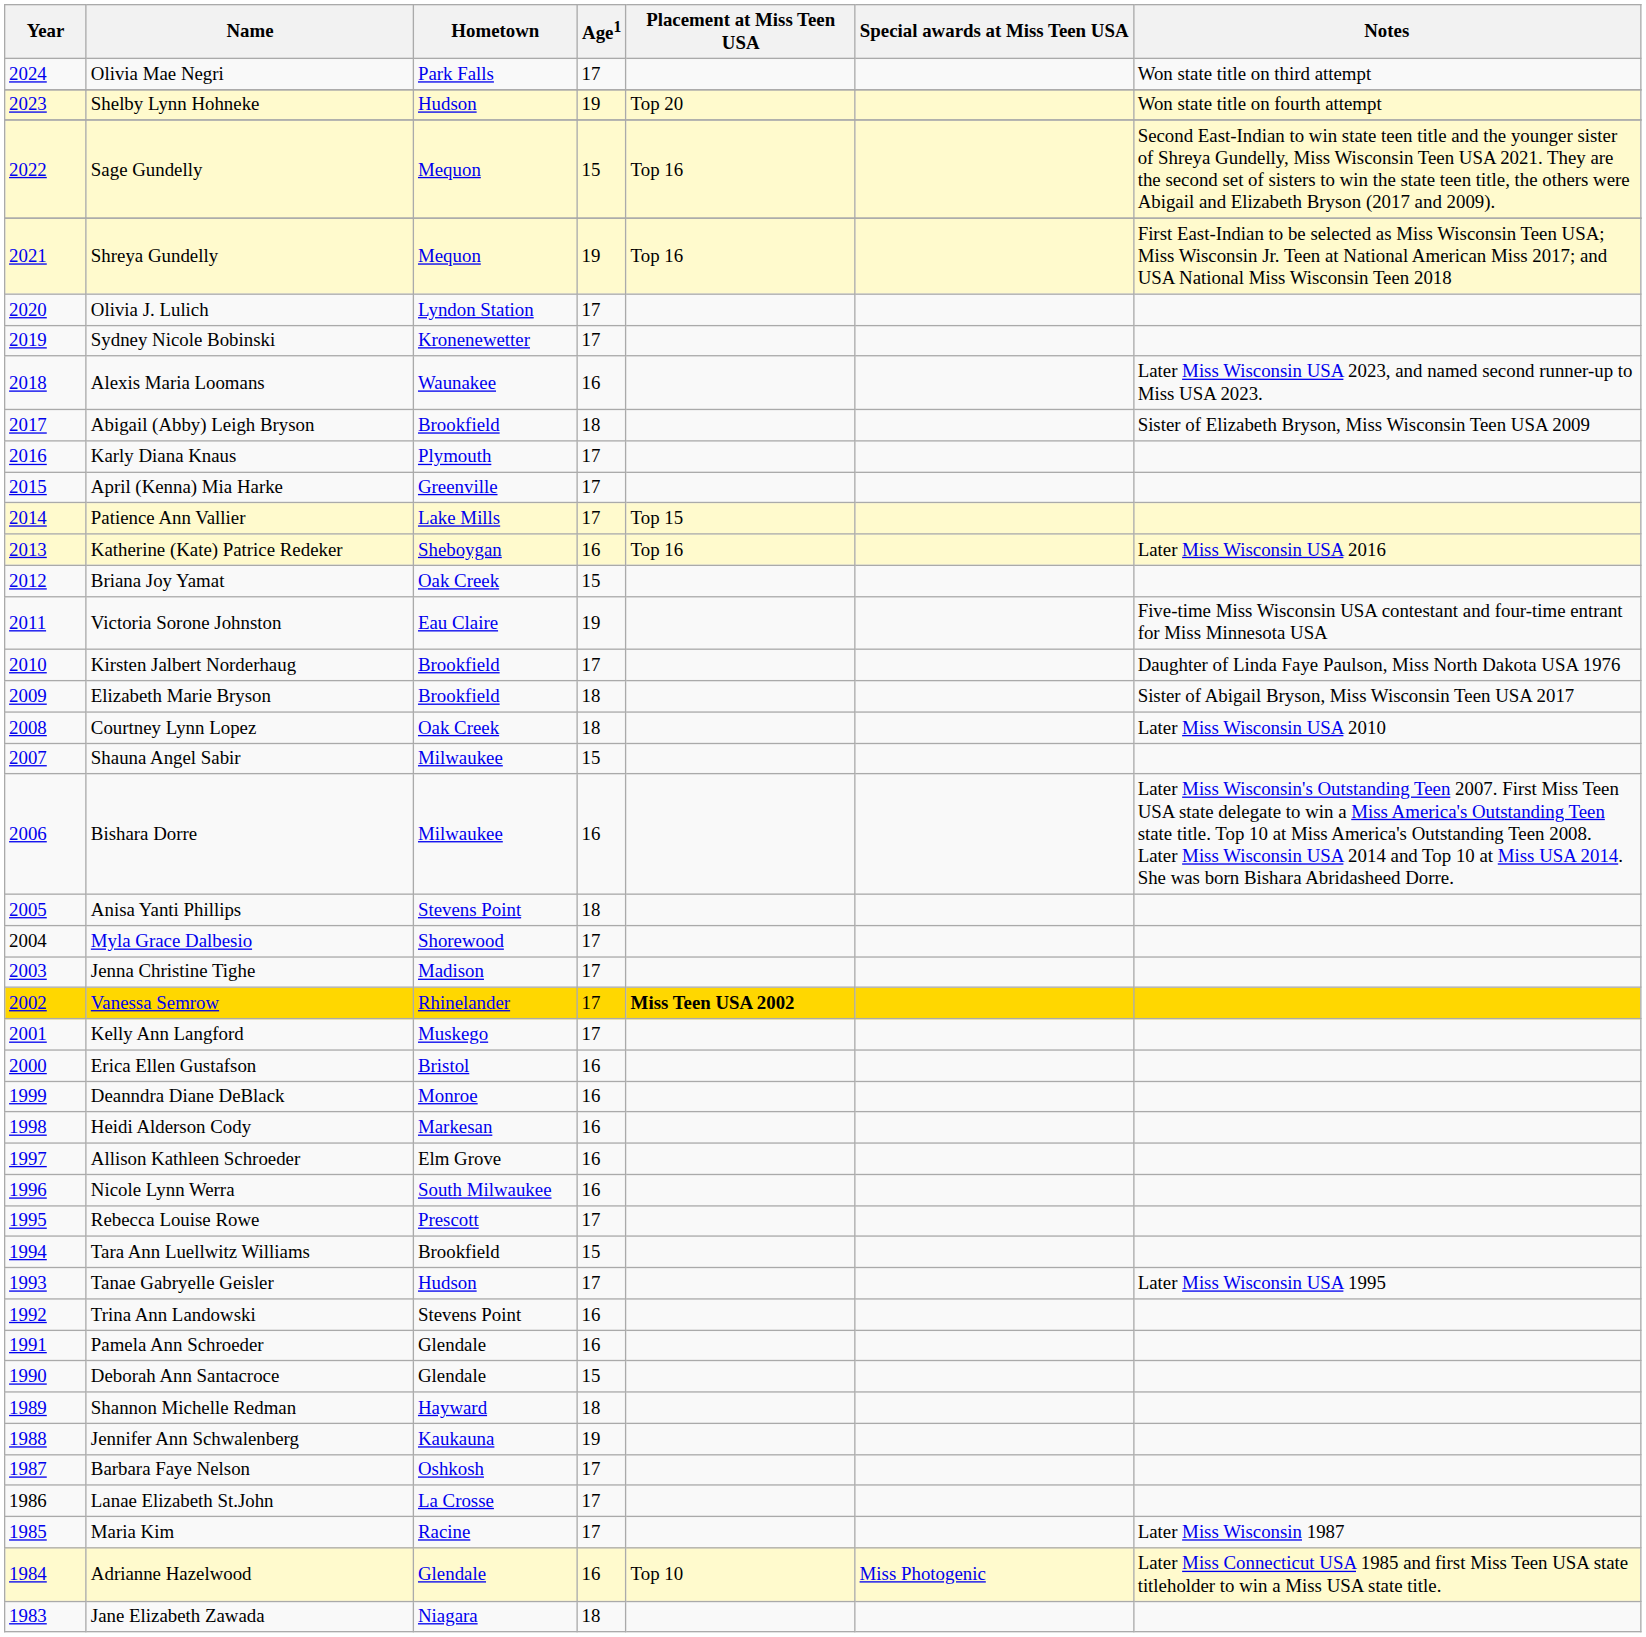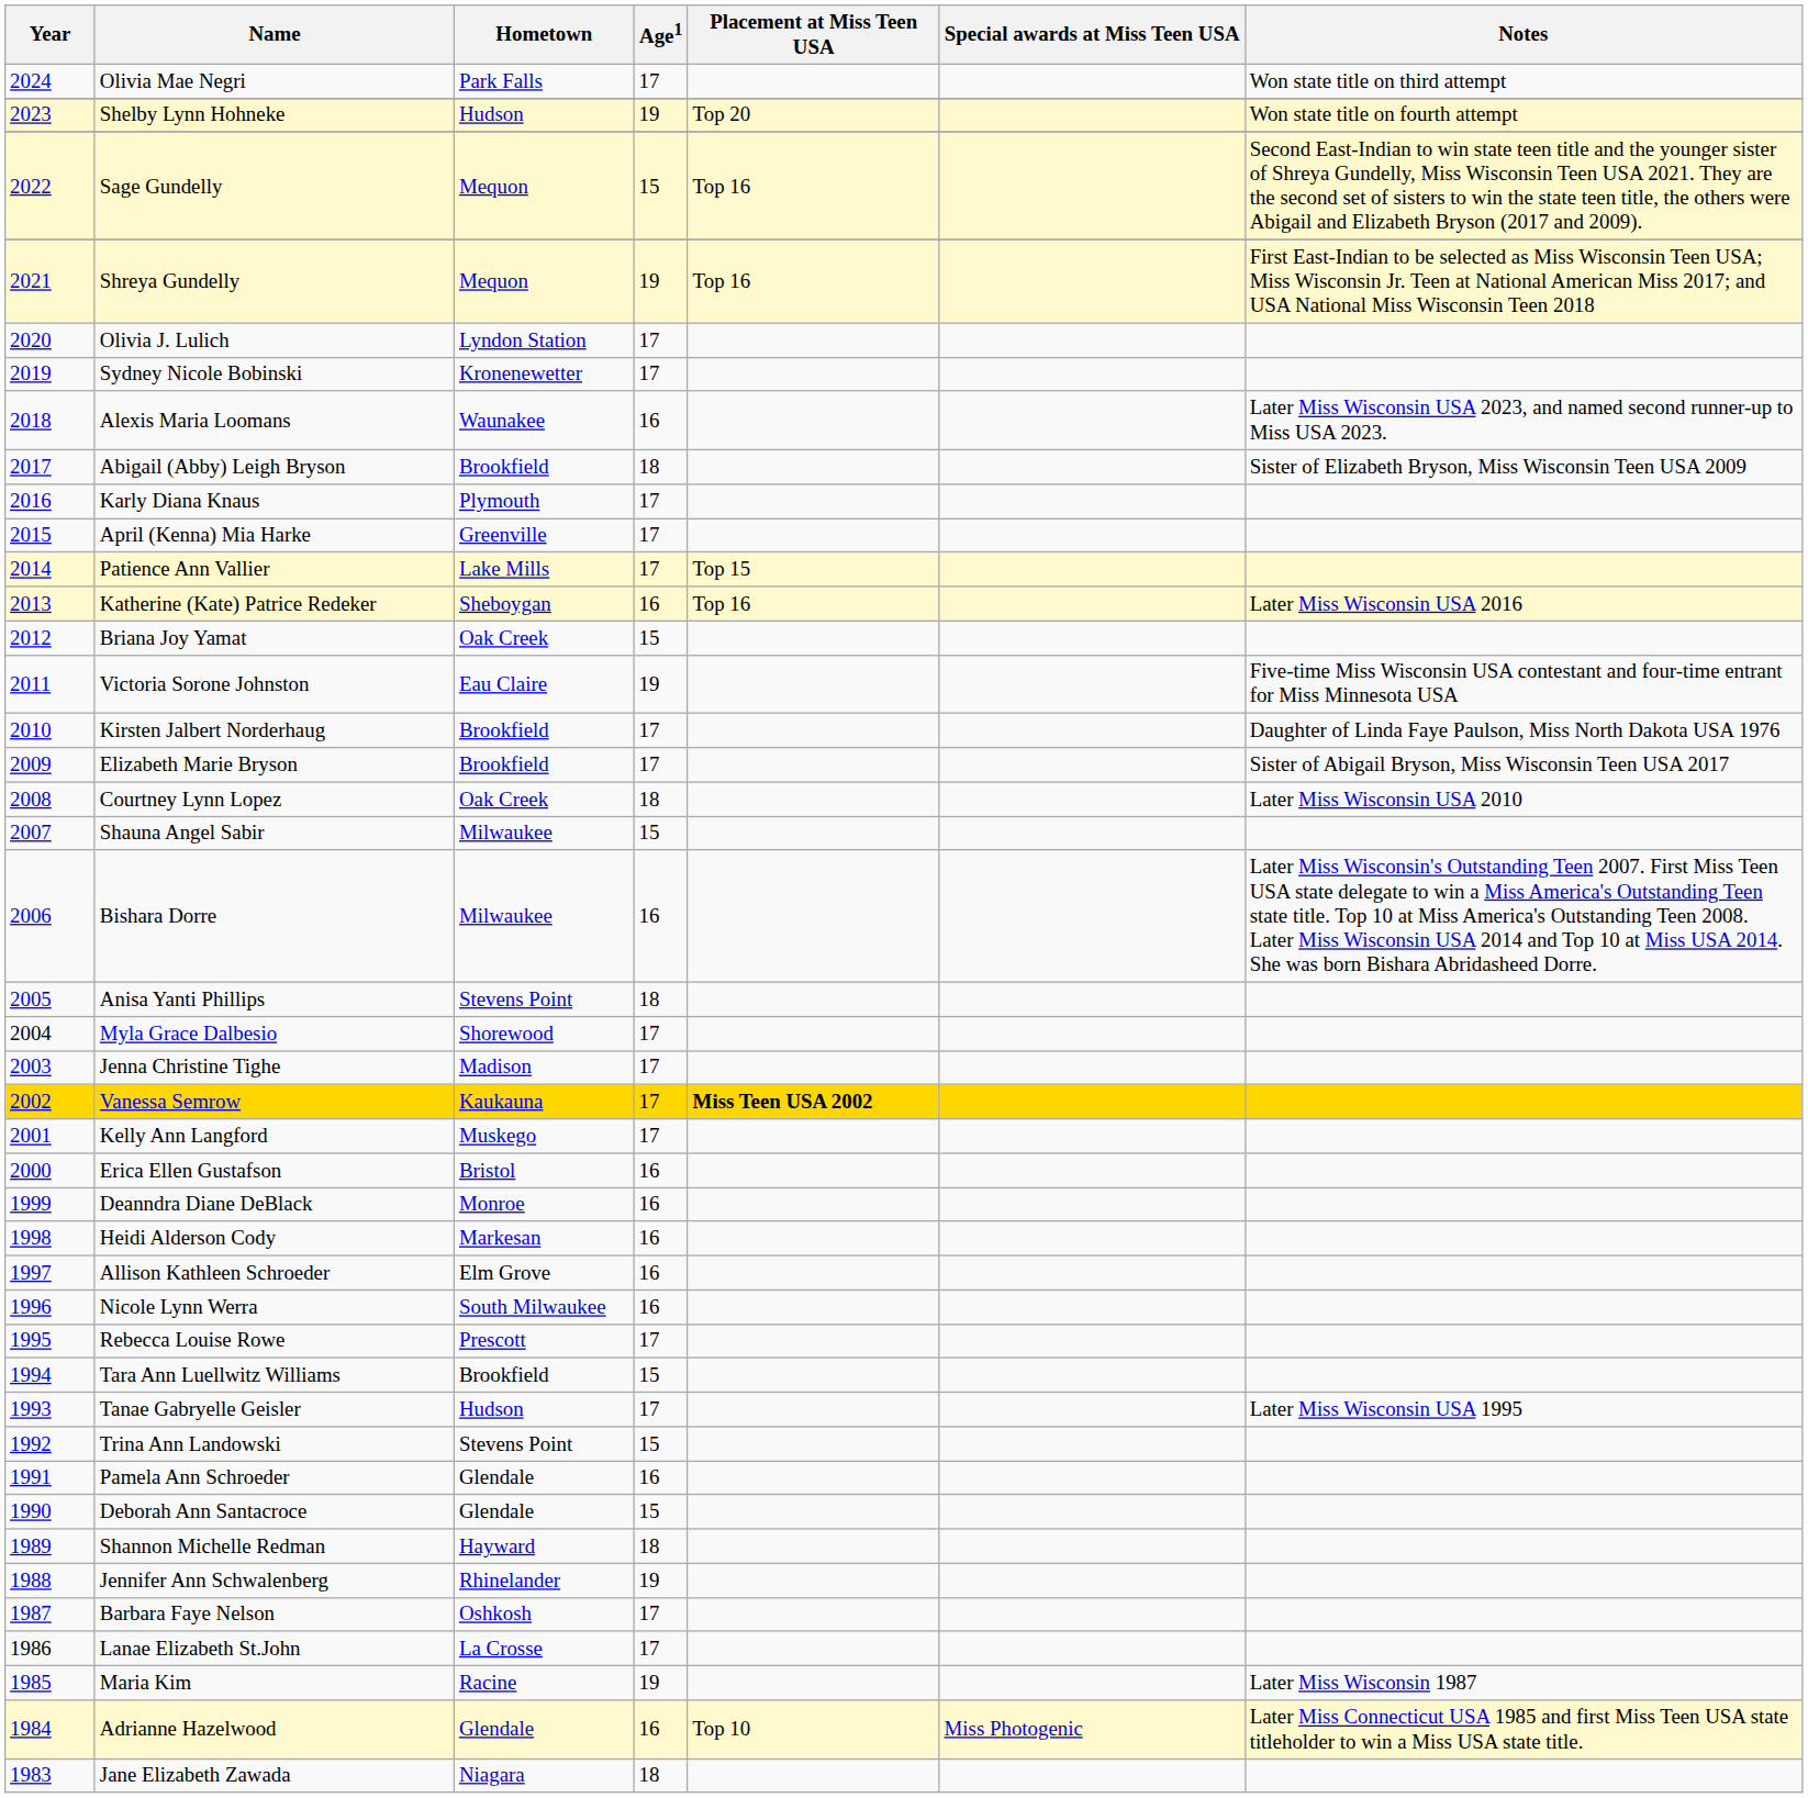 <table class="wikitable sortable"style="font-size:90%;">
 <tr bgcolor="#efefef">
 <th width=5%>Year</th>
 <th width=20%>Name</th>
 <th width=10%>Hometown</th>
 <th width=3%>Age<sup>1</sup></th>
 <th width=14%>Placement at Miss Teen USA</th>
 <th width=17%>Special awards at Miss Teen  USA</th>
 <th width=31%>Notes</th>
 </tr>
 <tr>
 <td><a href='#'>2024</a></td>
 <td>Olivia Mae Negri</td>
 <td><a href='#'>Park Falls</a></td>
 <td>17</td>
 <td></td>
 <td></td>
 <td>Won state title on third attempt</td>
 </tr>
 <tr>
 </tr>
 <tr style="background-color:#FFFACD;">
 <td><a href='#'>2023</a></td>
 <td>Shelby Lynn Hohneke</td>
 <td><a href='#'>Hudson</a></td>
 <td>19</td>
 <td>Top 20</td>
 <td></td>
 <td>Won state title on fourth attempt</td>
 </tr>
 <tr>
 </tr>
 <tr style="background-color:#FFFACD;">
 <td><a href='#'>2022</a></td>
 <td>Sage Gundelly</td>
 <td><a href='#'>Mequon</a></td>
 <td>15</td>
 <td>Top 16</td>
 <td></td>
 <td>Second East-Indian to win state teen title and the younger sister of Shreya Gundelly, Miss Wisconsin Teen USA 2021. They are the second set of sisters to win the state teen title, the others were Abigail and Elizabeth Bryson (2017 and 2009).</td>
 </tr>
 <tr>
 </tr>
 <tr style="background-color:#FFFACD;">
 <td><a href='#'>2021</a></td>
 <td>Shreya Gundelly</td>
 <td><a href='#'>Mequon</a></td>
 <td>19</td>
 <td>Top 16</td>
 <td></td>
 <td>First East-Indian to be selected as Miss Wisconsin Teen USA; Miss Wisconsin Jr. Teen at National American Miss 2017; and USA National Miss Wisconsin Teen 2018</td>
 </tr>
 <tr>
 <td><a href='#'>2020</a></td>
 <td>Olivia J. Lulich</td>
 <td><a href='#'>Lyndon Station</a></td>
 <td>17</td>
 <td></td>
 <td></td>
 <td></td>
 </tr>
 <tr>
 <td><a href='#'>2019</a></td>
 <td>Sydney Nicole Bobinski</td>
 <td><a href='#'>Kronenewetter</a></td>
 <td>17</td>
 <td></td>
 <td></td>
 <td></td>
 </tr>
 <tr>
 <td><a href='#'>2018</a></td>
 <td>Alexis Maria Loomans</td>
 <td><a href='#'>Waunakee</a></td>
 <td>16</td>
 <td></td>
 <td></td>
 <td>Later <a href='#'>Miss Wisconsin USA</a> 2023, and named second runner-up to Miss USA 2023.</td>
 </tr>
 <tr>
 <td><a href='#'>2017</a></td>
 <td>Abigail (Abby) Leigh Bryson</td>
 <td><a href='#'>Brookfield</a></td>
 <td>18</td>
 <td></td>
 <td></td>
 <td>Sister of Elizabeth Bryson, Miss Wisconsin Teen USA 2009</td>
 </tr>
 <tr>
 <td><a href='#'>2016</a></td>
 <td>Karly Diana Knaus</td>
 <td><a href='#'>Plymouth</a></td>
 <td>17</td>
 <td></td>
 <td></td>
 <td></td>
 </tr>
 <tr>
 <td><a href='#'>2015</a></td>
 <td>April (Kenna) Mia Harke</td>
 <td><a href='#'>Greenville</a></td>
 <td>17</td>
 <td></td>
 <td></td>
 <td></td>
 </tr>
 <tr style="background-color:#FFFACD;”">
 <td><a href='#'>2014</a></td>
 <td>Patience Ann Vallier</td>
 <td><a href='#'>Lake Mills</a></td>
 <td>17</td>
 <td>Top 15</td>
 <td></td>
 <td></td>
 </tr>
 <tr style="background-color:#FFFACD;”">
 <td><a href='#'>2013</a></td>
 <td>Katherine (Kate) Patrice Redeker</td>
 <td><a href='#'>Sheboygan</a></td>
 <td>16</td>
 <td>Top 16</td>
 <td></td>
 <td>Later <a href='#'>Miss Wisconsin USA</a> 2016</td>
 </tr>
 <tr>
 <td><a href='#'>2012</a></td>
 <td>Briana Joy Yamat</td>
 <td><a href='#'>Oak Creek</a></td>
 <td>15</td>
 <td></td>
 <td></td>
 <td></td>
 </tr>
 <tr>
 <td><a href='#'>2011</a></td>
 <td>Victoria Sorone Johnston</td>
 <td><a href='#'>Eau Claire</a></td>
 <td>19</td>
 <td></td>
 <td></td>
 <td>Five-time Miss Wisconsin USA contestant and four-time entrant for Miss Minnesota USA</td>
 </tr>
 <tr>
 <td><a href='#'>2010</a></td>
 <td>Kirsten Jalbert Norderhaug</td>
 <td><a href='#'>Brookfield</a></td>
 <td>17</td>
 <td></td>
 <td></td>
 <td>Daughter of Linda Faye Paulson, Miss North Dakota USA 1976</td>
 </tr>
 <tr>
 <td><a href='#'>2009</a></td>
 <td>Elizabeth Marie Bryson</td>
 <td><a href='#'>Brookfield</a></td>
-<td>18</td>
+<td>17</td>
 <td></td>
 <td></td>
 <td>Sister of Abigail Bryson, Miss Wisconsin Teen USA 2017</td>
 </tr>
 <tr>
 <td><a href='#'>2008</a></td>
 <td>Courtney Lynn Lopez</td>
 <td><a href='#'>Oak Creek</a></td>
 <td>18</td>
 <td></td>
 <td></td>
 <td>Later <a href='#'>Miss Wisconsin USA</a> 2010</td>
 </tr>
 <tr>
 <td><a href='#'>2007</a></td>
 <td>Shauna Angel Sabir</td>
 <td><a href='#'>Milwaukee</a></td>
 <td>15</td>
 <td></td>
 <td></td>
 <td></td>
 </tr>
 <tr>
 <td><a href='#'>2006</a></td>
 <td>Bishara Dorre</td>
 <td><a href='#'>Milwaukee</a></td>
 <td>16</td>
 <td></td>
 <td></td>
 <td>Later <a href='#'>Miss Wisconsin's Outstanding Teen</a> 2007. First Miss Teen USA state delegate to win a <a href='#'>Miss America's Outstanding Teen</a> state title. Top 10 at Miss America's Outstanding Teen 2008. Later <a href='#'>Miss Wisconsin USA</a> 2014 and Top 10 at <a href='#'>Miss USA 2014</a>. She was born Bishara Abridasheed Dorre.</td>
 </tr>
 <tr>
 <td><a href='#'>2005</a></td>
 <td>Anisa Yanti Phillips</td>
 <td><a href='#'>Stevens Point</a></td>
 <td>18</td>
 <td></td>
 <td></td>
 <td></td>
 </tr>
 <tr>
 <td>2004</td>
 <td><a href='#'>Myla Grace Dalbesio</a></td>
 <td><a href='#'>Shorewood</a></td>
 <td>17</td>
 <td></td>
 <td></td>
 <td></td>
 </tr>
 <tr>
 <td><a href='#'>2003</a></td>
 <td>Jenna Christine Tighe</td>
 <td><a href='#'>Madison</a></td>
 <td>17</td>
 <td></td>
 <td></td>
 <td></td>
 </tr>
 <tr style="background-color:GOLD;">
 <td><a href='#'>2002</a></td>
 <td><a href='#'>Vanessa Semrow</a></td>
-<td><a href='#'>Rhinelander</a></td>
+<td><a href='#'>Kaukauna</a></td>
 <td>17</td>
 <td><strong>Miss Teen USA 2002</strong></td>
 <td></td>
 <td></td>
 </tr>
 <tr>
 <td><a href='#'>2001</a></td>
 <td>Kelly Ann Langford</td>
 <td><a href='#'>Muskego</a></td>
 <td>17</td>
 <td></td>
 <td></td>
 <td></td>
 </tr>
 <tr>
 <td><a href='#'>2000</a></td>
 <td>Erica Ellen Gustafson</td>
 <td><a href='#'>Bristol</a></td>
 <td>16</td>
 <td></td>
 <td></td>
 <td></td>
 </tr>
 <tr>
 <td><a href='#'>1999</a></td>
 <td>Deanndra Diane DeBlack</td>
 <td><a href='#'>Monroe</a></td>
 <td>16</td>
 <td></td>
 <td></td>
 <td></td>
 </tr>
 <tr>
 <td><a href='#'>1998</a></td>
 <td>Heidi Alderson Cody</td>
 <td><a href='#'>Markesan</a></td>
 <td>16</td>
 <td></td>
 <td></td>
 <td></td>
 </tr>
 <tr>
 <td><a href='#'>1997</a></td>
 <td>Allison Kathleen Schroeder</td>
 <td>Elm Grove</td>
 <td>16</td>
 <td></td>
 <td></td>
 <td></td>
 </tr>
 <tr>
 <td><a href='#'>1996</a></td>
 <td>Nicole Lynn Werra</td>
 <td><a href='#'>South Milwaukee</a></td>
 <td>16</td>
 <td></td>
 <td></td>
 <td></td>
 </tr>
 <tr>
 <td><a href='#'>1995</a></td>
 <td>Rebecca Louise Rowe</td>
 <td><a href='#'>Prescott</a></td>
 <td>17</td>
 <td></td>
 <td></td>
 <td></td>
 </tr>
 <tr>
 <td><a href='#'>1994</a></td>
 <td>Tara Ann Luellwitz Williams</td>
 <td>Brookfield</td>
 <td>15</td>
 <td></td>
 <td></td>
 <td></td>
 </tr>
 <tr>
 <td><a href='#'>1993</a></td>
 <td>Tanae Gabryelle Geisler</td>
 <td><a href='#'>Hudson</a></td>
 <td>17</td>
 <td></td>
 <td></td>
 <td>Later <a href='#'>Miss Wisconsin USA</a> 1995</td>
 </tr>
 <tr>
 <td><a href='#'>1992</a></td>
 <td>Trina Ann Landowski</td>
 <td>Stevens Point</td>
-<td>16</td>
+<td>15</td>
 <td></td>
 <td></td>
 <td></td>
 </tr>
 <tr>
 <td><a href='#'>1991</a></td>
 <td>Pamela Ann Schroeder</td>
 <td>Glendale</td>
 <td>16</td>
 <td></td>
 <td></td>
 <td></td>
 </tr>
 <tr>
 <td><a href='#'>1990</a></td>
 <td>Deborah Ann Santacroce</td>
 <td>Glendale</td>
 <td>15</td>
 <td></td>
 <td></td>
 <td></td>
 </tr>
 <tr>
 <td><a href='#'>1989</a></td>
 <td>Shannon Michelle Redman</td>
 <td><a href='#'>Hayward</a></td>
 <td>18</td>
 <td></td>
 <td></td>
 <td></td>
 </tr>
 <tr>
 <td><a href='#'>1988</a></td>
 <td>Jennifer Ann Schwalenberg</td>
-<td><a href='#'>Kaukauna</a></td>
+<td><a href='#'>Rhinelander</a></td>
 <td>19</td>
 <td></td>
 <td></td>
 <td></td>
 </tr>
 <tr>
 <td><a href='#'>1987</a></td>
 <td>Barbara Faye Nelson</td>
 <td><a href='#'>Oshkosh</a></td>
 <td>17</td>
 <td></td>
 <td></td>
 <td></td>
 </tr>
 <tr>
 <td>1986</td>
 <td>Lanae Elizabeth St.John</td>
 <td><a href='#'>La Crosse</a></td>
 <td>17</td>
 <td></td>
 <td></td>
 <td></td>
 </tr>
 <tr>
 <td><a href='#'>1985</a></td>
 <td>Maria Kim</td>
 <td><a href='#'>Racine</a></td>
-<td>17</td>
+<td>19</td>
 <td></td>
 <td></td>
 <td>Later <a href='#'>Miss Wisconsin</a> 1987</td>
 </tr>
 <tr style="background-color:#FFFACD;”">
 <td><a href='#'>1984</a></td>
 <td>Adrianne Hazelwood</td>
 <td><a href='#'>Glendale</a></td>
 <td>16</td>
 <td>Top 10</td>
 <td><a href='#'>Miss Photogenic</a></td>
 <td>Later <a href='#'>Miss Connecticut USA</a> 1985 and first Miss Teen USA state titleholder to win a Miss USA state title.</td>
 </tr>
 <tr>
 <td><a href='#'>1983</a></td>
 <td>Jane Elizabeth Zawada</td>
 <td><a href='#'>Niagara</a></td>
 <td>18</td>
 <td></td>
 <td></td>
 <td></td>
 </tr>
 </table>
